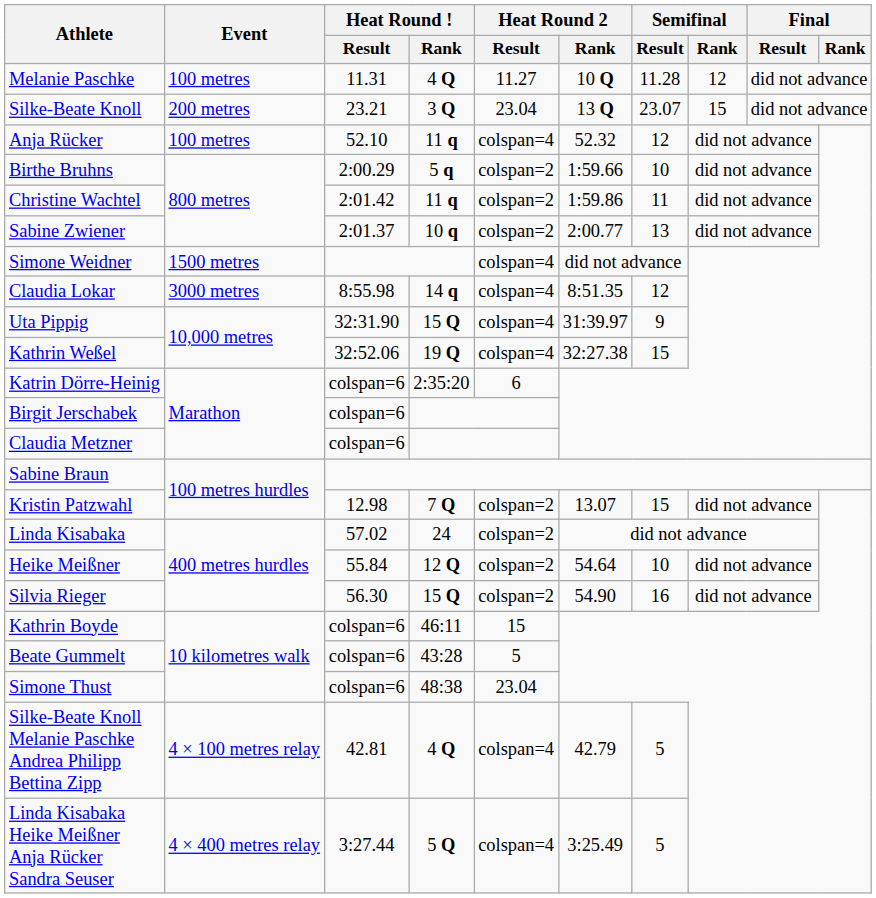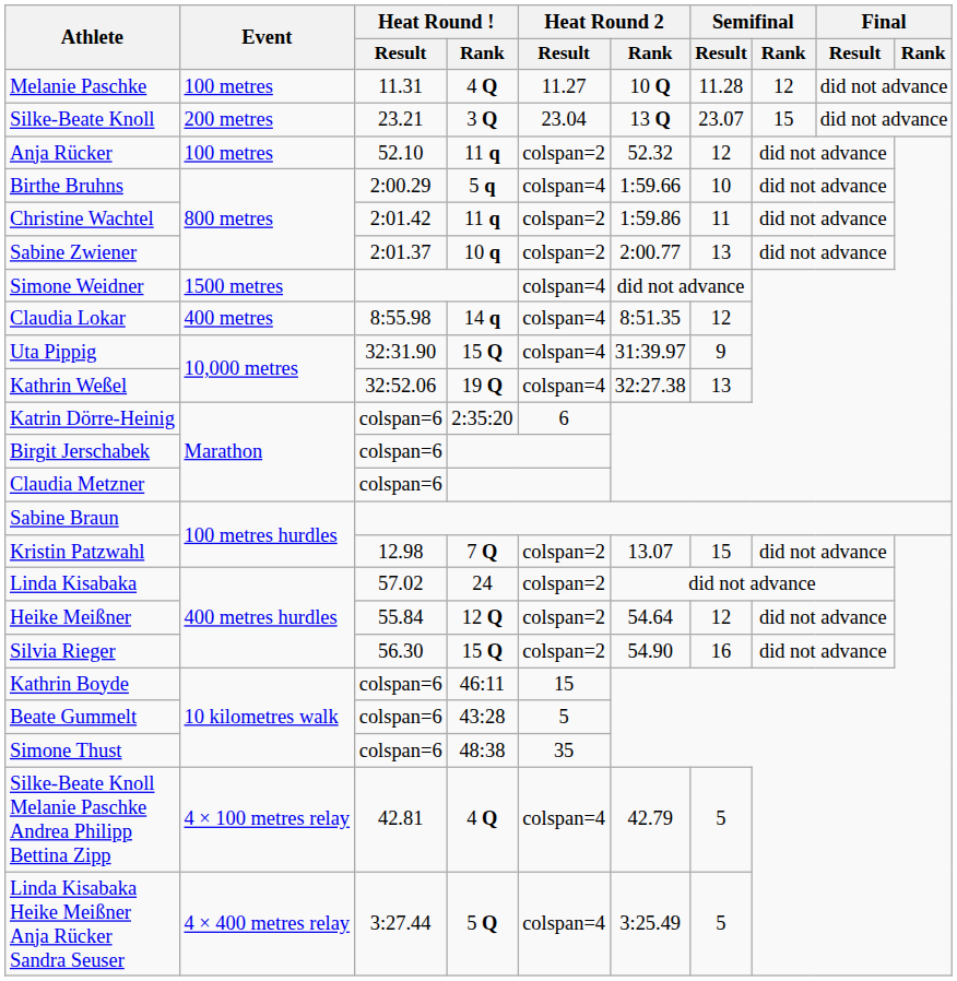 <table class=wikitable style=font-size:90%>
 <tr>
 <th rowspan=2>Athlete</th>
 <th rowspan=2>Event</th>
 <th colspan=2>Heat Round !</th>
 <th colspan=2>Heat Round 2</th>
 <th colspan=2>Semifinal</th>
 <th colspan=2>Final</th>
 </tr>
 <tr style=font-size:95%>
 <th>Result</th>
 <th>Rank</th>
 <th>Result</th>
 <th>Rank</th>
 <th>Result</th>
 <th>Rank</th>
 <th>Result</th>
 <th>Rank</th>
 </tr>
 <tr align=center>
 <td align=left><a href='#'>Melanie Paschke</a></td>
 <td align=left><a href='#'>100 metres</a></td>
 <td>11.31</td>
 <td>4 <strong>Q</strong></td>
 <td>11.27</td>
 <td>10 <strong>Q</strong></td>
 <td>11.28</td>
 <td>12</td>
 <td colspan=2>did not advance</td>
 </tr>
 <tr align=center>
 <td align=left><a href='#'>Silke-Beate Knoll</a></td>
 <td align=left><a href='#'>200 metres</a></td>
 <td>23.21</td>
 <td>3 <strong>Q</strong></td>
 <td>23.04</td>
 <td>13 <strong>Q</strong></td>
 <td>23.07</td>
 <td>15</td>
 <td colspan=2>did not advance</td>
 </tr>
 <tr align=center>
 <td align=left><a href='#'>Anja Rücker</a></td>
 <td align=left><a href='#'>100 metres</a></td>
 <td>52.10</td>
 <td>11 <strong>q</strong></td>
-<td>colspan=4</td>
+<td>colspan=2</td>
 <td>52.32</td>
 <td>12</td>
 <td colspan=2>did not advance</td>
 </tr>
 <tr align=center>
 <td align=left><a href='#'>Birthe Bruhns</a></td>
 <td align=left rowspan=3><a href='#'>800 metres</a></td>
 <td>2:00.29</td>
 <td>5 <strong>q</strong></td>
-<td>colspan=2</td>
+<td>colspan=4</td>
 <td>1:59.66</td>
 <td>10</td>
 <td colspan=2>did not advance</td>
 </tr>
 <tr align=center>
 <td align=left><a href='#'>Christine Wachtel</a></td>
 <td>2:01.42</td>
 <td>11 <strong>q</strong></td>
 <td>colspan=2</td>
 <td>1:59.86</td>
 <td>11</td>
 <td colspan=2>did not advance</td>
 </tr>
 <tr align=center>
 <td align=left><a href='#'>Sabine Zwiener</a></td>
 <td>2:01.37</td>
 <td>10 <strong>q</strong></td>
 <td>colspan=2</td>
 <td>2:00.77</td>
 <td>13</td>
 <td colspan=2>did not advance</td>
 </tr>
 <tr align=center>
 <td align=left><a href='#'>Simone Weidner</a></td>
 <td align=left><a href='#'>1500 metres</a></td>
 <td colspan=2></td>
 <td>colspan=4</td>
 <td colspan=2>did not advance</td>
 </tr>
 <tr align=center>
 <td align=left><a href='#'>Claudia Lokar</a></td>
-<td align=left><a href='#'>3000 metres</a></td>
+<td align=left><a href='#'>400 metres</a></td>
 <td>8:55.98</td>
 <td>14 <strong>q</strong></td>
 <td>colspan=4</td>
 <td>8:51.35</td>
 <td>12</td>
 </tr>
 <tr align=center>
 <td align=left><a href='#'>Uta Pippig</a></td>
 <td align=left rowspan=2><a href='#'>10,000 metres</a></td>
 <td>32:31.90</td>
 <td>15 <strong>Q</strong></td>
 <td>colspan=4</td>
 <td>31:39.97</td>
 <td>9</td>
 </tr>
 <tr align=center>
 <td align=left><a href='#'>Kathrin Weßel</a></td>
 <td>32:52.06</td>
 <td>19 <strong>Q</strong></td>
 <td>colspan=4</td>
 <td>32:27.38</td>
-<td>15</td>
+<td>13</td>
 </tr>
 <tr align=center>
 <td align=left><a href='#'>Katrin Dörre-Heinig</a></td>
 <td align=left rowspan=3><a href='#'>Marathon</a></td>
 <td>colspan=6</td>
 <td>2:35:20</td>
 <td>6</td>
 </tr>
 <tr align=center>
 <td align=left><a href='#'>Birgit Jerschabek</a></td>
 <td>colspan=6</td>
 <td colspan=2></td>
 </tr>
 <tr align=center>
 <td align=left><a href='#'>Claudia Metzner</a></td>
 <td>colspan=6</td>
 <td colspan=2></td>
 </tr>
 <tr align=center>
 <td align=left><a href='#'>Sabine Braun</a></td>
 <td align=left rowspan=2><a href='#'>100 metres hurdles</a></td>
 <td colspan=8></td>
 </tr>
 <tr align=center>
 <td align=left><a href='#'>Kristin Patzwahl</a></td>
 <td>12.98</td>
 <td>7 <strong>Q</strong></td>
 <td>colspan=2</td>
 <td>13.07</td>
 <td>15</td>
 <td colspan=2>did not advance</td>
 </tr>
 <tr align=center>
 <td align=left><a href='#'>Linda Kisabaka</a></td>
 <td align=left rowspan=3><a href='#'>400 metres hurdles</a></td>
 <td>57.02</td>
 <td>24</td>
 <td>colspan=2</td>
 <td colspan=4>did not advance</td>
 </tr>
 <tr align=center>
 <td align=left><a href='#'>Heike Meißner</a></td>
 <td>55.84</td>
 <td>12 <strong>Q</strong></td>
 <td>colspan=2</td>
 <td>54.64</td>
-<td>10</td>
+<td>12</td>
 <td colspan=2>did not advance</td>
 </tr>
 <tr align=center>
 <td align=left><a href='#'>Silvia Rieger</a></td>
 <td>56.30</td>
 <td>15 <strong>Q</strong></td>
 <td>colspan=2</td>
 <td>54.90</td>
 <td>16</td>
 <td colspan=2>did not advance</td>
 </tr>
 <tr align=center>
 <td align=left><a href='#'>Kathrin Boyde</a></td>
 <td align=left rowspan=3><a href='#'>10 kilometres walk</a></td>
 <td>colspan=6</td>
 <td>46:11</td>
 <td>15</td>
 </tr>
 <tr align=center>
 <td align=left><a href='#'>Beate Gummelt</a></td>
 <td>colspan=6</td>
 <td>43:28</td>
 <td>5</td>
 </tr>
 <tr align=center>
 <td align=left><a href='#'>Simone Thust</a></td>
 <td>colspan=6</td>
 <td>48:38</td>
-<td>23.04</td>
+<td>35</td>
 </tr>
 <tr align=center>
 <td align=left><a href='#'>Silke-Beate Knoll</a><br><a href='#'>Melanie Paschke</a><br><a href='#'>Andrea Philipp</a><br><a href='#'>Bettina Zipp</a></td>
 <td align=left><a href='#'>4 × 100 metres relay</a></td>
 <td>42.81</td>
 <td>4 <strong>Q</strong></td>
 <td>colspan=4</td>
 <td>42.79</td>
 <td>5</td>
 </tr>
 <tr align=center>
 <td align=left><a href='#'>Linda Kisabaka</a><br><a href='#'>Heike Meißner</a><br><a href='#'>Anja Rücker</a><br><a href='#'>Sandra Seuser</a></td>
 <td align=left><a href='#'>4 × 400 metres relay</a></td>
 <td>3:27.44</td>
 <td>5 <strong>Q</strong></td>
 <td>colspan=4</td>
 <td>3:25.49</td>
 <td>5</td>
 </tr>
 </table>
